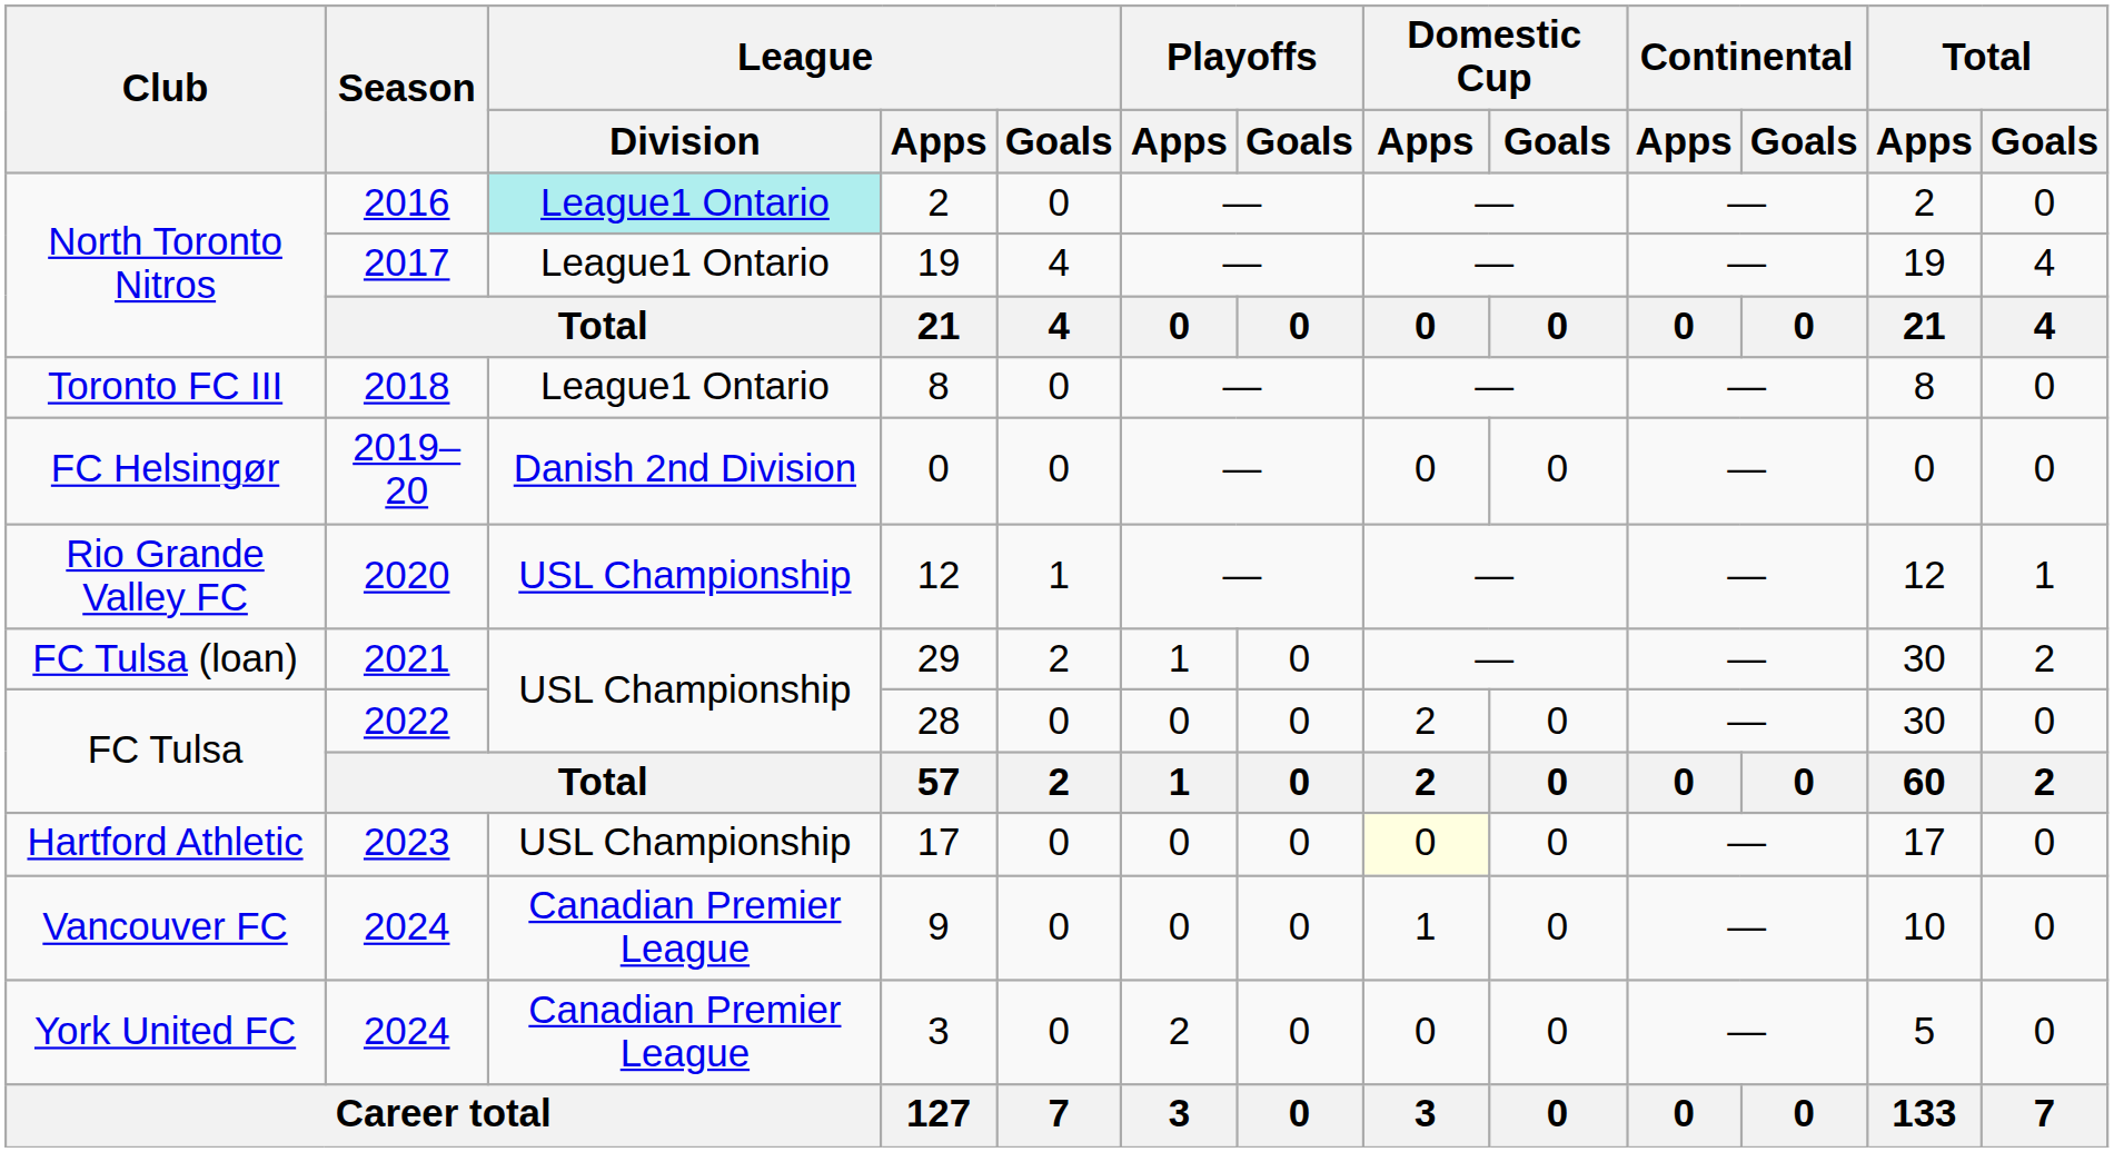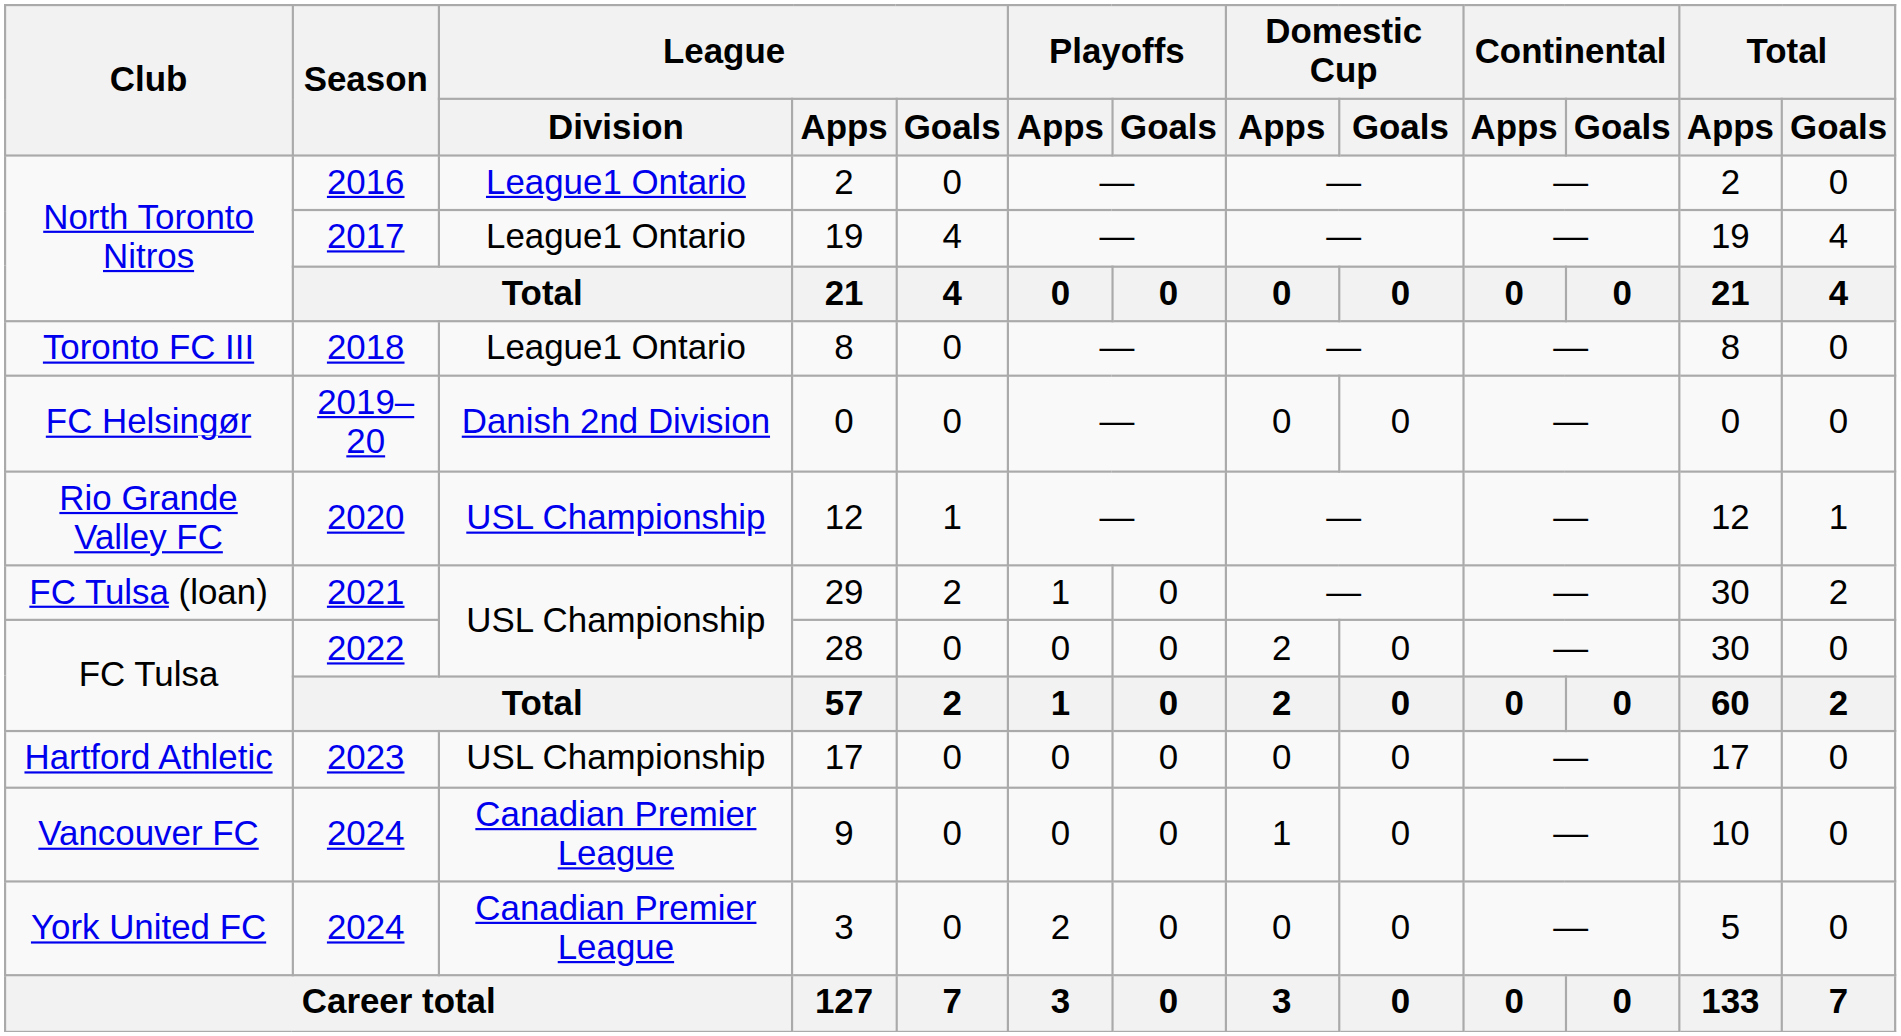 <table class="wikitable" style="text-align: center">
 <tr>
 <th rowspan="2">Club</th>
 <th rowspan="2">Season</th>
 <th colspan="3">League</th>
 <th colspan="2">Playoffs</th>
 <th colspan="2">Domestic Cup</th>
 <th colspan="2">Continental</th>
 <th colspan="2">Total</th>
 </tr>
 <tr>
 <th>Division</th>
 <th>Apps</th>
 <th>Goals</th>
 <th>Apps</th>
 <th>Goals</th>
 <th>Apps</th>
 <th>Goals</th>
 <th>Apps</th>
 <th>Goals</th>
 <th>Apps</th>
 <th>Goals</th>
 </tr>
 <tr>
 <td rowspan=3><a href='#'>North Toronto Nitros</a></td>
 <td><a href='#'>2016</a></td>
-<td style="background: paleturquoise;"><a href='#'>League1 Ontario</a></td>
+<td><a href='#'>League1 Ontario</a></td>
 <td>2</td>
 <td>0</td>
 <td colspan="2">—</td>
 <td colspan="2">—</td>
 <td colspan="2">—</td>
 <td>2</td>
 <td>0</td>
 </tr>
 <tr>
 <td><a href='#'>2017</a></td>
 <td>League1 Ontario</td>
 <td>19</td>
 <td>4</td>
 <td colspan="2">—</td>
 <td colspan="2">—</td>
 <td colspan="2">—</td>
 <td>19</td>
 <td>4</td>
 </tr>
 <tr>
 <th colspan="2">Total</th>
 <th>21</th>
 <th>4</th>
 <th>0</th>
 <th>0</th>
 <th>0</th>
 <th>0</th>
 <th>0</th>
 <th>0</th>
 <th>21</th>
 <th>4</th>
 </tr>
 <tr>
 <td><a href='#'>Toronto FC III</a></td>
 <td><a href='#'>2018</a></td>
 <td>League1 Ontario</td>
 <td>8</td>
 <td>0</td>
 <td colspan=2>—</td>
 <td colspan="2">—</td>
 <td colspan="2">—</td>
 <td>8</td>
 <td>0</td>
 </tr>
 <tr>
 <td><a href='#'>FC Helsingør</a></td>
 <td><a href='#'>2019–20</a></td>
 <td><a href='#'>Danish 2nd Division</a></td>
 <td>0</td>
 <td>0</td>
 <td colspan=2>—</td>
 <td>0</td>
 <td>0</td>
 <td colspan="2">—</td>
 <td>0</td>
 <td>0</td>
 </tr>
 <tr>
 <td><a href='#'>Rio Grande Valley FC</a></td>
 <td><a href='#'>2020</a></td>
 <td><a href='#'>USL Championship</a></td>
 <td>12</td>
 <td>1</td>
 <td colspan=2>—</td>
 <td colspan=2>—</td>
 <td colspan="2">—</td>
 <td>12</td>
 <td>1</td>
 </tr>
 <tr>
 <td><a href='#'>FC Tulsa</a> (loan)</td>
 <td><a href='#'>2021</a></td>
 <td rowspan="2">USL Championship</td>
 <td>29</td>
 <td>2</td>
 <td>1</td>
 <td>0</td>
 <td colspan=2>—</td>
 <td colspan="2">—</td>
 <td>30</td>
 <td>2</td>
 </tr>
 <tr>
 <td rowspan=2>FC Tulsa</td>
 <td><a href='#'>2022</a></td>
 <td>28</td>
 <td>0</td>
 <td>0</td>
 <td>0</td>
 <td>2</td>
 <td>0</td>
 <td colspan="2">—</td>
 <td>30</td>
 <td>0</td>
 </tr>
 <tr>
 <th colspan="2"><strong>Total</strong></th>
 <th>57</th>
 <th>2</th>
 <th>1</th>
 <th>0</th>
 <th>2</th>
 <th>0</th>
 <th>0</th>
 <th>0</th>
 <th>60</th>
 <th>2</th>
 </tr>
 <tr>
 <td><a href='#'>Hartford Athletic</a></td>
 <td><a href='#'>2023</a></td>
 <td>USL Championship</td>
 <td>17</td>
 <td>0</td>
 <td>0</td>
 <td>0</td>
-<td style="background: lightyellow;">0</td>
+<td>0</td>
 <td>0</td>
 <td colspan="2">—</td>
 <td>17</td>
 <td>0</td>
 </tr>
 <tr>
 <td><a href='#'>Vancouver FC</a></td>
 <td><a href='#'>2024</a></td>
 <td><a href='#'>Canadian Premier League</a></td>
 <td>9</td>
 <td>0</td>
 <td>0</td>
 <td>0</td>
 <td>1</td>
 <td>0</td>
 <td colspan="2">—</td>
 <td>10</td>
 <td>0</td>
 </tr>
 <tr>
 <td><a href='#'>York United FC</a></td>
 <td><a href='#'>2024</a></td>
 <td><a href='#'>Canadian Premier League</a></td>
 <td>3</td>
 <td>0</td>
 <td>2</td>
 <td>0</td>
 <td>0</td>
 <td>0</td>
 <td colspan="2">—</td>
 <td>5</td>
 <td>0</td>
 </tr>
 <tr>
 <th colspan="3"><strong>Career total</strong></th>
 <th>127</th>
 <th>7</th>
 <th>3</th>
 <th>0</th>
 <th>3</th>
 <th>0</th>
 <th>0</th>
 <th>0</th>
 <th>133</th>
 <th>7</th>
 </tr>
 </table>
